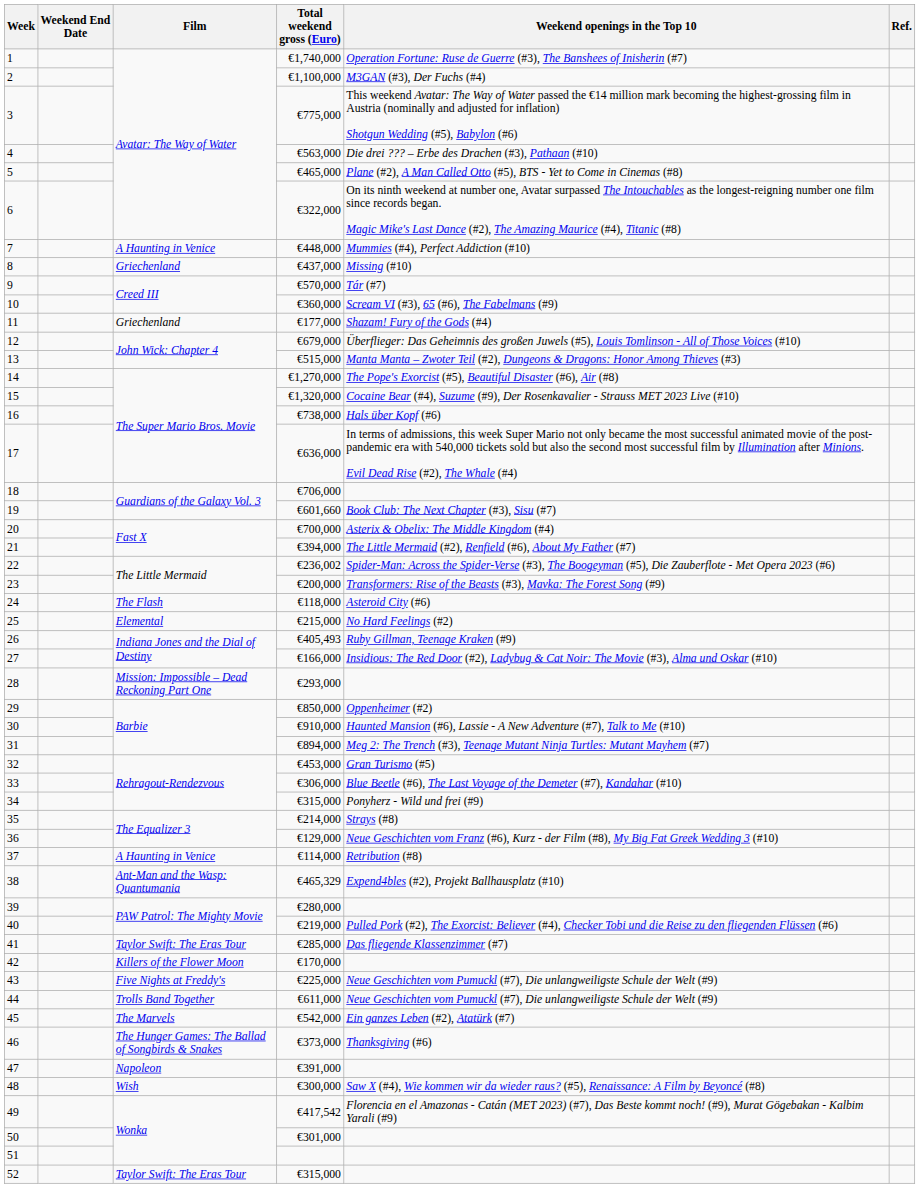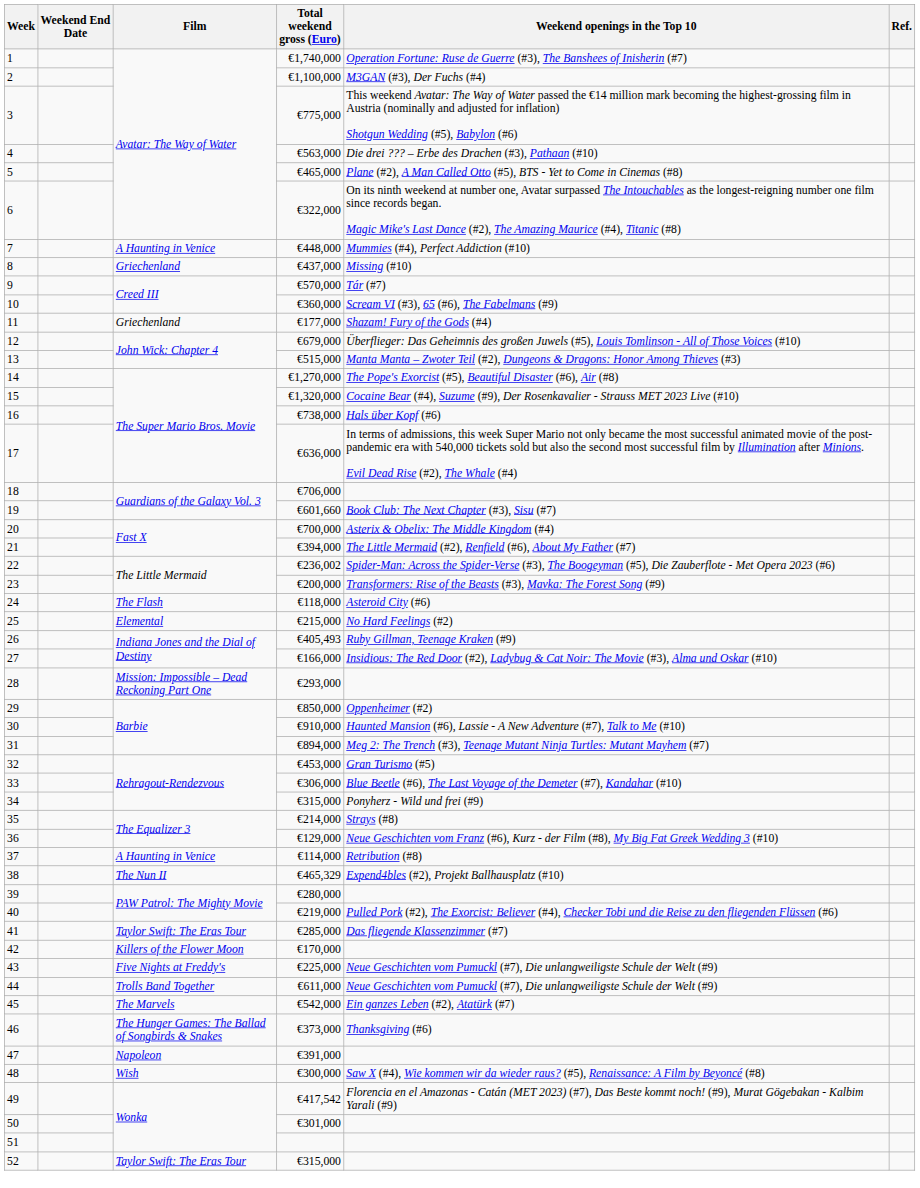 <table class="wikitable sortable">
 <tr>
 <th>Week</th>
 <th>Weekend End Date</th>
 <th>Film</th>
 <th>Total weekend<br>gross (<a href='#'>Euro</a>)</th>
 <th>Weekend openings in the Top 10</th>
 <th>Ref.</th>
 </tr>
 <tr>
 <td>1</td>
 <td></td>
 <td rowspan="6"><em><a href='#'>Avatar: The Way of Water</a></em></td>
 <td style="text-align:right">€1,740,000</td>
 <td><em><a href='#'>Operation Fortune: Ruse de Guerre</a></em> (#3), <em><a href='#'>The Banshees of Inisherin</a></em> (#7)</td>
 <td></td>
 </tr>
 <tr>
 <td>2</td>
 <td></td>
 <td style="text-align:right">€1,100,000</td>
 <td><em><a href='#'>M3GAN</a></em> (#3), <em>Der Fuchs</em> (#4)</td>
 <td></td>
 </tr>
 <tr>
 <td>3</td>
 <td></td>
 <td style="text-align:right">€775,000</td>
 <td>This weekend <em>Avatar: The Way of Water</em> passed the €14 million mark becoming the highest-grossing film in Austria (nominally and adjusted for inflation)<br><br><em><a href='#'>Shotgun Wedding</a></em> (#5), <em><a href='#'>Babylon</a></em> (#6)</td>
 <td></td>
 </tr>
 <tr>
 <td>4</td>
 <td></td>
 <td style="text-align:right">€563,000</td>
 <td><em>Die drei ??? – Erbe des Drachen</em> (#3), <em> <a href='#'>Pathaan</a></em> (#10)</td>
 <td></td>
 </tr>
 <tr>
 <td>5</td>
 <td></td>
 <td style="text-align:right">€465,000</td>
 <td><em> <a href='#'>Plane</a></em> (#2), <em><a href='#'>A Man Called Otto</a></em> (#5), <em>BTS - Yet to Come in Cinemas</em> (#8)</td>
 <td></td>
 </tr>
 <tr>
 <td>6</td>
 <td></td>
 <td style="text-align:right">€322,000</td>
 <td>On its ninth weekend at number one, Avatar surpassed <em><a href='#'>The Intouchables</a></em> as the longest-reigning number one film since records began.<br><br><em><a href='#'>Magic Mike's Last Dance</a></em> (#2), <em><a href='#'>The Amazing Maurice</a></em> (#4), <em><a href='#'>Titanic</a></em> (#8)</td>
 <td></td>
 </tr>
 <tr>
 <td>7</td>
 <td></td>
 <td rowspan="1"><em><a href='#'>A Haunting in Venice</a></em></td>
 <td style="text-align:right">€448,000</td>
 <td><em><a href='#'>Mummies</a></em> (#4), <em>Perfect Addiction</em> (#10)</td>
 <td></td>
 </tr>
 <tr>
 <td>8</td>
 <td></td>
 <td rowspan="1"><em><a href='#'>Griechenland</a></em></td>
 <td style="text-align:right">€437,000</td>
 <td><em><a href='#'>Missing</a></em> (#10)</td>
 <td></td>
 </tr>
 <tr>
 <td>9</td>
 <td></td>
 <td rowspan="2"><em><a href='#'>Creed III</a></em></td>
 <td style="text-align:right">€570,000</td>
 <td><em><a href='#'>Tár</a></em> (#7)</td>
 <td></td>
 </tr>
 <tr>
 <td>10</td>
 <td></td>
 <td style="text-align:right">€360,000</td>
 <td><em><a href='#'>Scream VI</a></em> (#3), <em><a href='#'>65</a></em> (#6), <em><a href='#'>The Fabelmans</a></em> (#9)</td>
 <td></td>
 </tr>
 <tr>
 <td>11</td>
 <td></td>
 <td rowspan="1"><em>Griechenland</em></td>
 <td style="text-align:right">€177,000</td>
 <td><em><a href='#'>Shazam! Fury of the Gods</a></em> (#4)</td>
 <td></td>
 </tr>
 <tr>
 <td>12</td>
 <td></td>
 <td rowspan="2"><em><a href='#'>John Wick: Chapter 4</a></em></td>
 <td style="text-align:right">€679,000</td>
 <td><em>Überflieger: Das Geheimnis des großen Juwels</em> (#5), <em><a href='#'>Louis Tomlinson - All of Those Voices</a></em> (#10)</td>
 <td></td>
 </tr>
 <tr>
 <td>13</td>
 <td></td>
 <td style="text-align:right">€515,000</td>
 <td><em><a href='#'>Manta Manta – Zwoter Teil</a></em> (#2), <em><a href='#'>Dungeons & Dragons: Honor Among Thieves</a></em> (#3)</td>
 <td></td>
 </tr>
 <tr>
 <td>14</td>
 <td></td>
 <td rowspan="4"><em><a href='#'>The Super Mario Bros. Movie</a></em></td>
 <td style="text-align:right">€1,270,000</td>
 <td><em><a href='#'>The Pope's Exorcist</a></em> (#5), <em><a href='#'>Beautiful Disaster</a></em> (#6), <em><a href='#'>Air</a></em> (#8)</td>
 <td></td>
 </tr>
 <tr>
 <td>15</td>
 <td></td>
 <td style="text-align:right">€1,320,000</td>
 <td><em><a href='#'>Cocaine Bear</a></em> (#4), <em><a href='#'>Suzume</a></em> (#9), <em>Der Rosenkavalier - Strauss MET 2023 Live</em> (#10)</td>
 <td></td>
 </tr>
 <tr>
 <td>16</td>
 <td></td>
 <td style="text-align:right">€738,000</td>
 <td><em><a href='#'>Hals über Kopf</a></em> (#6)</td>
 <td></td>
 </tr>
 <tr>
 <td>17</td>
 <td></td>
 <td style="text-align:right">€636,000</td>
 <td>In terms of admissions, this week Super Mario not only became the most successful animated movie of the post-pandemic era with 540,000 tickets sold but also the second most successful film by <em><a href='#'>Illumination</a></em> after <em><a href='#'>Minions</a></em>.<br><br><em><a href='#'>Evil Dead Rise</a></em> (#2), <em><a href='#'>The Whale</a></em> (#4)</td>
 <td></td>
 </tr>
 <tr>
 <td>18</td>
 <td></td>
 <td rowspan="2"><em><a href='#'>Guardians of the Galaxy Vol. 3</a></em></td>
 <td style="text-align:right">€706,000</td>
 <td></td>
 <td></td>
 </tr>
 <tr>
 <td>19</td>
 <td></td>
 <td style="text-align:right">€601,660</td>
 <td><em><a href='#'>Book Club: The Next Chapter</a></em> (#3), <em><a href='#'>Sisu</a></em> (#7)</td>
 <td></td>
 </tr>
 <tr>
 <td>20</td>
 <td></td>
 <td rowspan="2"><em><a href='#'>Fast X</a></em></td>
 <td style="text-align:right">€700,000</td>
 <td><em><a href='#'>Asterix & Obelix: The Middle Kingdom</a></em> (#4)</td>
 <td></td>
 </tr>
 <tr>
 <td>21</td>
 <td></td>
 <td style="text-align:right">€394,000</td>
 <td><em><a href='#'>The Little Mermaid</a></em> (#2), <em><a href='#'>Renfield</a></em> (#6), <em><a href='#'>About My Father</a></em> (#7)</td>
 <td></td>
 </tr>
 <tr>
 <td>22</td>
 <td></td>
 <td rowspan="2"><em>The Little Mermaid</em></td>
 <td style="text-align:right">€236,002</td>
 <td><em><a href='#'>Spider-Man: Across the Spider-Verse</a></em> (#3), <em><a href='#'>The Boogeyman</a></em> (#5), <em>Die Zauberflote - Met Opera 2023</em> (#6)</td>
 <td></td>
 </tr>
 <tr>
 <td>23</td>
 <td></td>
 <td style="text-align:right">€200,000</td>
 <td><em><a href='#'>Transformers: Rise of the Beasts</a></em> (#3), <em><a href='#'>Mavka: The Forest Song</a></em> (#9)</td>
 <td></td>
 </tr>
 <tr>
 <td>24</td>
 <td></td>
 <td rowspan="1"><em><a href='#'>The Flash</a></em></td>
 <td style="text-align:right">€118,000</td>
 <td><em><a href='#'>Asteroid City</a></em> (#6)</td>
 <td></td>
 </tr>
 <tr>
 <td>25</td>
 <td></td>
 <td rowspan="1"><em><a href='#'>Elemental</a></em></td>
 <td style="text-align:right">€215,000</td>
 <td><em><a href='#'>No Hard Feelings</a></em> (#2)</td>
 <td></td>
 </tr>
 <tr>
 <td>26</td>
 <td></td>
 <td rowspan="2"><em><a href='#'>Indiana Jones and the Dial of Destiny</a></em></td>
 <td style="text-align:right">€405,493</td>
 <td><em><a href='#'>Ruby Gillman, Teenage Kraken</a></em> (#9)</td>
 <td></td>
 </tr>
 <tr>
 <td>27</td>
 <td></td>
 <td style="text-align:right">€166,000</td>
 <td><em><a href='#'>Insidious: The Red Door</a></em> (#2), <em><a href='#'>Ladybug & Cat Noir: The Movie</a></em> (#3), <em><a href='#'>Alma und Oskar</a></em> (#10)</td>
 <td></td>
 </tr>
 <tr>
 <td>28</td>
 <td></td>
 <td rowspan="1"><em><a href='#'>Mission: Impossible – Dead Reckoning Part One</a></em></td>
 <td style="text-align:right">€293,000</td>
 <td></td>
 <td></td>
 </tr>
 <tr>
 <td>29</td>
 <td></td>
 <td rowspan="3"><em><a href='#'>Barbie</a></em></td>
 <td style="text-align:right">€850,000</td>
 <td><em><a href='#'>Oppenheimer</a></em> (#2)</td>
 <td></td>
 </tr>
 <tr>
 <td>30</td>
 <td></td>
 <td style="text-align:right">€910,000</td>
 <td><em><a href='#'>Haunted Mansion</a></em> (#6), <em>Lassie - A New Adventure</em> (#7), <em><a href='#'>Talk to Me</a></em> (#10)</td>
 <td></td>
 </tr>
 <tr>
 <td>31</td>
 <td></td>
 <td style="text-align:right">€894,000</td>
 <td><em><a href='#'>Meg 2: The Trench</a></em> (#3), <em><a href='#'>Teenage Mutant Ninja Turtles: Mutant Mayhem</a></em> (#7)</td>
 <td></td>
 </tr>
 <tr>
 <td>32</td>
 <td></td>
 <td rowspan="3"><em><a href='#'>Rehragout-Rendezvous</a></em></td>
 <td style="text-align:right">€453,000</td>
 <td><em><a href='#'>Gran Turismo</a></em> (#5)</td>
 <td></td>
 </tr>
 <tr>
 <td>33</td>
 <td></td>
 <td style="text-align:right">€306,000</td>
 <td><em><a href='#'>Blue Beetle</a></em> (#6),  <em><a href='#'>The Last Voyage of the Demeter</a></em> (#7),  <em><a href='#'>Kandahar</a></em> (#10)</td>
 <td></td>
 </tr>
 <tr>
 <td>34</td>
 <td></td>
 <td style="text-align:right">€315,000</td>
 <td><em>Ponyherz - Wild und frei</em> (#9)</td>
 <td></td>
 </tr>
 <tr>
 <td>35</td>
 <td></td>
 <td rowspan="2"><em><a href='#'>The Equalizer 3</a></em></td>
 <td style="text-align:right">€214,000</td>
 <td><em><a href='#'>Strays</a></em> (#8)</td>
 <td></td>
 </tr>
 <tr>
 <td>36</td>
 <td></td>
 <td style="text-align:right">€129,000</td>
 <td><em><a href='#'>Neue Geschichten vom Franz</a></em> (#6), <em>Kurz - der Film</em> (#8), <em><a href='#'>My Big Fat Greek Wedding 3</a></em> (#10)</td>
 <td></td>
 </tr>
 <tr>
 <td>37</td>
 <td></td>
 <td rowspan="1"><em><a href='#'>A Haunting in Venice</a></em></td>
 <td style="text-align:right">€114,000</td>
 <td><em><a href='#'>Retribution</a></em> (#8)</td>
 <td></td>
 </tr>
 <tr>
 <td>38</td>
 <td></td>
-<td><em><a href='#'>Ant-Man and the Wasp: Quantumania</a></em></td>
+<td rowspan="1"><em><a href='#'>The Nun II</a></em></td>
 <td style="text-align:right">€465,329</td>
 <td><em><a href='#'>Expend4bles</a></em> (#2), <em>Projekt Ballhausplatz</em> (#10)</td>
 <td></td>
 </tr>
 <tr>
 <td>39</td>
 <td></td>
 <td rowspan="2"><em><a href='#'>PAW Patrol: The Mighty Movie</a></em></td>
 <td style="text-align:right">€280,000</td>
 <td></td>
 <td></td>
 </tr>
 <tr>
 <td>40</td>
 <td></td>
 <td style="text-align:right">€219,000</td>
 <td><em><a href='#'>Pulled Pork</a></em> (#2), <em><a href='#'>The Exorcist: Believer</a></em> (#4), <em><a href='#'>Checker Tobi und die Reise zu den fliegenden Flüssen</a></em> (#6)</td>
 <td></td>
 </tr>
 <tr>
 <td>41</td>
 <td></td>
 <td rowspan="1"><em><a href='#'>Taylor Swift: The Eras Tour</a></em></td>
 <td style="text-align:right">€285,000</td>
 <td><em><a href='#'>Das fliegende Klassenzimmer</a></em> (#7)</td>
 <td></td>
 </tr>
 <tr>
 <td>42</td>
 <td></td>
 <td rowspan="1"><em><a href='#'>Killers of the Flower Moon</a></em></td>
 <td style="text-align:right">€170,000</td>
 <td></td>
 <td></td>
 </tr>
 <tr>
 <td>43</td>
 <td></td>
 <td rowspan="1"><em><a href='#'>Five Nights at Freddy's</a></em></td>
 <td style="text-align:right">€225,000</td>
 <td><em><a href='#'>Neue Geschichten vom Pumuckl</a></em> (#7), <em>Die unlangweiligste Schule der Welt</em> (#9)</td>
 <td></td>
 </tr>
 <tr>
 <td>44</td>
 <td></td>
 <td rowspan="1"><em><a href='#'>Trolls Band Together</a></em></td>
 <td style="text-align:right">€611,000</td>
 <td><em><a href='#'>Neue Geschichten vom Pumuckl</a></em> (#7), <em>Die unlangweiligste Schule der Welt</em> (#9)</td>
 <td></td>
 </tr>
 <tr>
 <td>45</td>
 <td></td>
 <td rowspan="1"><em><a href='#'>The Marvels</a></em></td>
 <td style="text-align:right">€542,000</td>
 <td><em><a href='#'>Ein ganzes Leben</a></em> (#2), <em><a href='#'>Atatürk</a></em> (#7)</td>
 <td></td>
 </tr>
 <tr>
 <td>46</td>
 <td></td>
 <td rowspan="1"><em><a href='#'>The Hunger Games: The Ballad of Songbirds & Snakes</a></em></td>
 <td style="text-align:right">€373,000</td>
 <td><em><a href='#'>Thanksgiving</a></em> (#6)</td>
 <td></td>
 </tr>
 <tr>
 <td>47</td>
 <td></td>
 <td rowspan="1"><em><a href='#'>Napoleon</a></em></td>
 <td style="text-align:right">€391,000</td>
 <td></td>
 <td></td>
 </tr>
 <tr>
 <td>48</td>
 <td></td>
 <td rowspan="1"><em><a href='#'>Wish</a></em></td>
 <td style="text-align:right">€300,000</td>
 <td><em><a href='#'>Saw X</a></em> (#4), <em><a href='#'>Wie kommen wir da wieder raus?</a></em> (#5), <em><a href='#'>Renaissance: A Film by Beyoncé</a></em> (#8)</td>
 <td></td>
 </tr>
 <tr>
 <td>49</td>
 <td></td>
 <td rowspan="3"><em><a href='#'>Wonka</a></em></td>
 <td style="text-align:right">€417,542</td>
 <td><em>Florencia en el Amazonas - Catán (MET 2023)</em> (#7), <em>Das Beste kommt noch!</em> (#9), <em>Murat Gögebakan - Kalbim Yarali</em> (#9)</td>
 <td></td>
 </tr>
 <tr>
 <td>50</td>
 <td></td>
 <td style="text-align:right">€301,000</td>
 <td></td>
 <td></td>
 </tr>
 <tr>
 <td>51</td>
 <td></td>
 <td></td>
 <td></td>
 <td></td>
 </tr>
 <tr>
 <td>52</td>
 <td></td>
 <td rowspan="1"><em><a href='#'>Taylor Swift: The Eras Tour</a></em></td>
 <td style="text-align:right">€315,000</td>
 <td></td>
 <td></td>
 </tr>
 </table>
